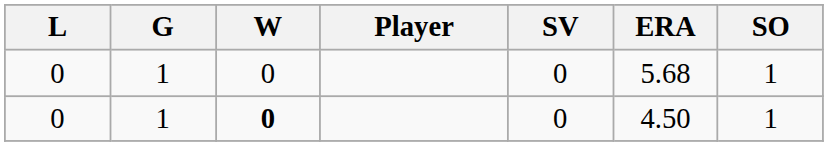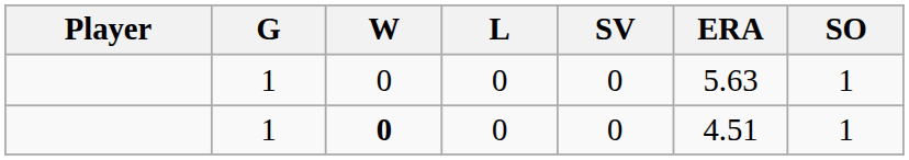 <table class="wikitable sortable">
 <tr>
-<th bgcolor="#DDDDFF" width="9%">L</th>
+<th bgcolor="#DDDDFF" width="16%">Player</th>
 <th bgcolor="#DDDDFF" width="9%">G</th>
 <th bgcolor="#DDDDFF" width="9%">W</th>
-<th bgcolor="#DDDDFF" width="16%">Player</th>
+<th bgcolor="#DDDDFF" width="9%">L</th>
 <th bgcolor="#DDDDFF" width="9%">SV</th>
 <th bgcolor="#DDDDFF" width="9%">ERA</th>
 <th bgcolor="#DDDDFF" width="9%">SO</th>
 </tr>
 <tr align="center">
-<td>0</td>
+<td></td>
 <td>1</td>
 <td>0</td>
-<td></td>
 <td>0</td>
-<td>5.68</td>
+<td>0</td>
+<td>5.63</td>
 <td>1</td>
 </tr>
 <tr align="center">
-<td>0</td>
+<td></td>
 <td>1</td>
 <td><strong>0</strong></td>
-<td></td>
 <td>0</td>
-<td>4.50</td>
+<td>0</td>
+<td>4.51</td>
 <td>1</td>
 </tr>
 </table>
